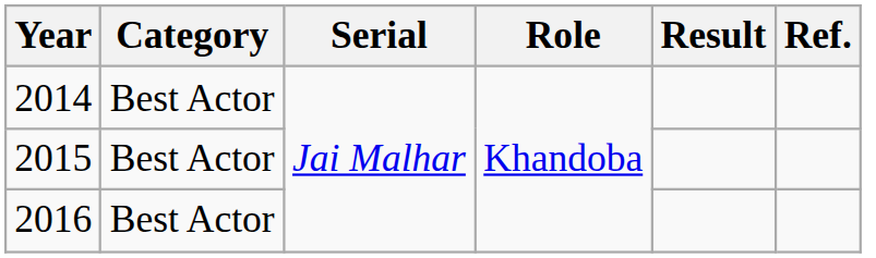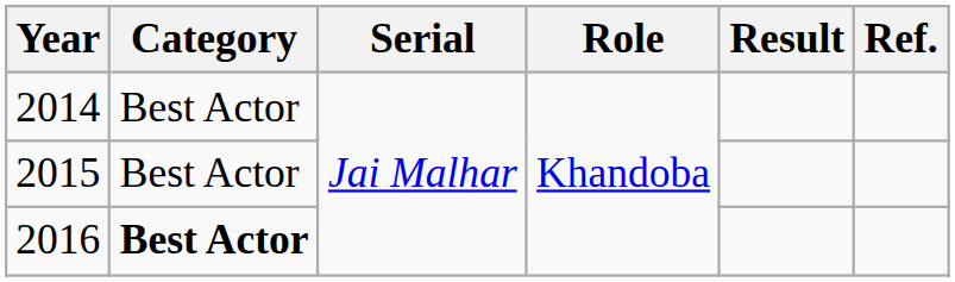 <table class="wikitable">
 <tr>
 <th>Year</th>
 <th>Category</th>
 <th>Serial</th>
 <th>Role</th>
 <th>Result</th>
 <th>Ref.</th>
 </tr>
 <tr>
 <td>2014</td>
 <td>Best Actor</td>
 <td rowspan="3"><em><a href='#'>Jai Malhar</a></em></td>
 <td rowspan="3"><a href='#'>Khandoba</a></td>
 <td></td>
 <td></td>
 </tr>
 <tr>
 <td>2015</td>
 <td>Best Actor</td>
 <td></td>
 <td></td>
 </tr>
 <tr>
 <td>2016</td>
-<td>Best Actor</td>
+<td><strong>Best Actor</strong></td>
 <td></td>
 <td></td>
 </tr>
 </table>
